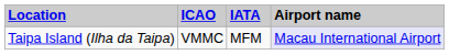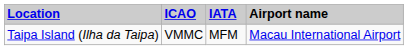 <table class="wikitable">
 <tr valign=top style="font-weight:bold; background-color: #CCCCCC">
 <td><a href='#'>Location</a>  </td>
 <td><a href='#'>ICAO</a>  </td>
 <td><a href='#'>IATA</a>  </td>
 <td>Airport name</td>
 </tr>
 <tr valign=top>
 <td><a href='#'>Taipa Island</a> (<em>Ilha da Taipa</em>)</td>
 <td>VMMC</td>
 <td>MFM</td>
-<td style="background: lavender;"><a href='#'>Macau International Airport</a></td>
+<td><a href='#'>Macau International Airport</a></td>
 </tr>
 </table>
